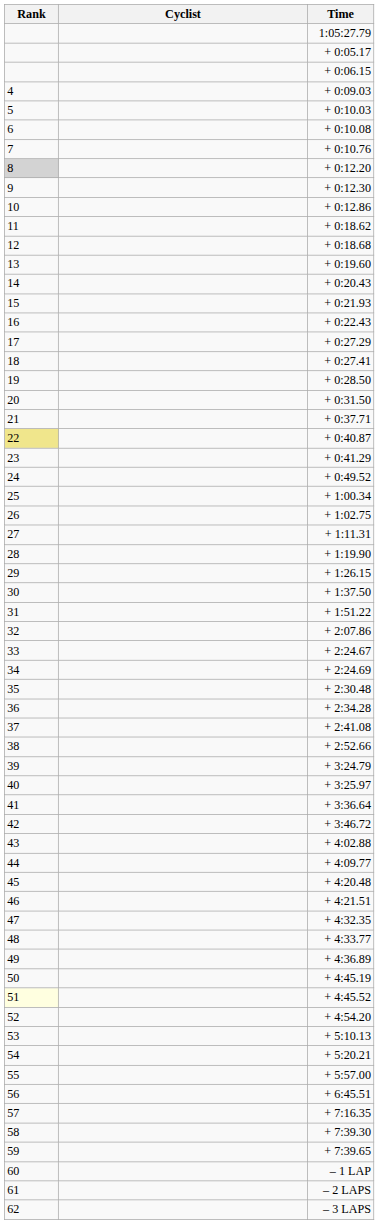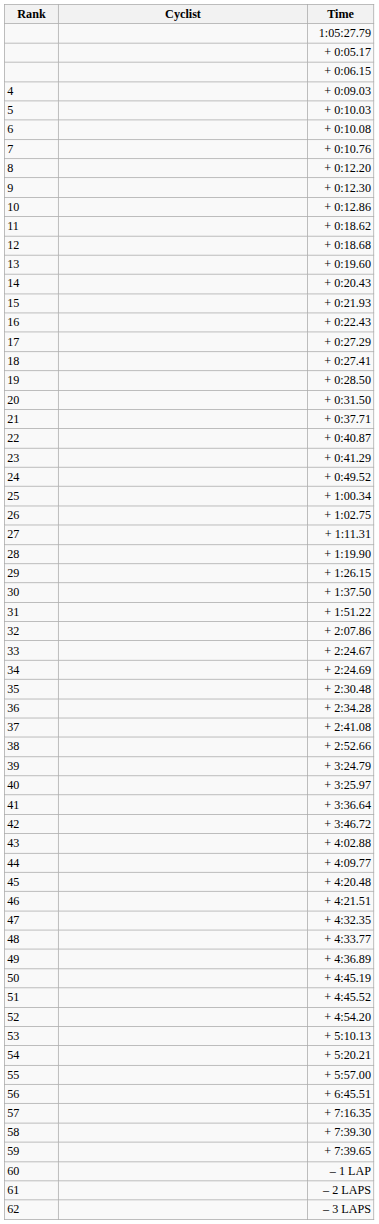 <table class="wikitable">
 <tr>
 <th style="width: 4em;">Rank</th>
 <th style="width: 20em;">Cyclist</th>
 <th style="width: 5em;">Time</th>
 </tr>
 <tr>
 <td></td>
 <td></td>
 <td align="right">1:05:27.79</td>
 </tr>
 <tr>
 <td></td>
 <td></td>
 <td align="right">+ 0:05.17</td>
 </tr>
 <tr>
 <td></td>
 <td></td>
 <td align="right">+ 0:06.15</td>
 </tr>
 <tr>
 <td>4</td>
 <td></td>
 <td align="right">+ 0:09.03</td>
 </tr>
 <tr>
 <td>5</td>
 <td></td>
 <td align="right">+ 0:10.03</td>
 </tr>
 <tr>
 <td>6</td>
 <td></td>
 <td align="right">+ 0:10.08</td>
 </tr>
 <tr>
 <td>7</td>
 <td></td>
 <td align="right">+ 0:10.76</td>
 </tr>
 <tr>
-<td style="background: lightgrey;">8</td>
+<td>8</td>
 <td></td>
 <td align="right">+ 0:12.20</td>
 </tr>
 <tr>
 <td>9</td>
 <td></td>
 <td align="right">+ 0:12.30</td>
 </tr>
 <tr>
 <td>10</td>
 <td></td>
 <td align="right">+ 0:12.86</td>
 </tr>
 <tr>
 <td>11</td>
 <td></td>
 <td align="right">+ 0:18.62</td>
 </tr>
 <tr>
 <td>12</td>
 <td></td>
 <td align="right">+ 0:18.68</td>
 </tr>
 <tr>
 <td>13</td>
 <td></td>
 <td align="right">+ 0:19.60</td>
 </tr>
 <tr>
 <td>14</td>
 <td></td>
 <td align="right">+ 0:20.43</td>
 </tr>
 <tr>
 <td>15</td>
 <td></td>
 <td align="right">+ 0:21.93</td>
 </tr>
 <tr>
 <td>16</td>
 <td></td>
 <td align="right">+ 0:22.43</td>
 </tr>
 <tr>
 <td>17</td>
 <td></td>
 <td align="right">+ 0:27.29</td>
 </tr>
 <tr>
 <td>18</td>
 <td></td>
 <td align="right">+ 0:27.41</td>
 </tr>
 <tr>
 <td>19</td>
 <td></td>
 <td align="right">+ 0:28.50</td>
 </tr>
 <tr>
 <td>20</td>
 <td></td>
 <td align="right">+ 0:31.50</td>
 </tr>
 <tr>
 <td>21</td>
 <td></td>
 <td align="right">+ 0:37.71</td>
 </tr>
 <tr>
-<td style="background: khaki;">22</td>
+<td>22</td>
 <td></td>
 <td align="right">+ 0:40.87</td>
 </tr>
 <tr>
 <td>23</td>
 <td></td>
 <td align="right">+ 0:41.29</td>
 </tr>
 <tr>
 <td>24</td>
 <td></td>
 <td align="right">+ 0:49.52</td>
 </tr>
 <tr>
 <td>25</td>
 <td></td>
 <td align="right">+ 1:00.34</td>
 </tr>
 <tr>
 <td>26</td>
 <td></td>
 <td align="right">+ 1:02.75</td>
 </tr>
 <tr>
 <td>27</td>
 <td></td>
 <td align="right">+ 1:11.31</td>
 </tr>
 <tr>
 <td>28</td>
 <td></td>
 <td align="right">+ 1:19.90</td>
 </tr>
 <tr>
 <td>29</td>
 <td></td>
 <td align="right">+ 1:26.15</td>
 </tr>
 <tr>
 <td>30</td>
 <td></td>
 <td align="right">+ 1:37.50</td>
 </tr>
 <tr>
 <td>31</td>
 <td></td>
 <td align="right">+ 1:51.22</td>
 </tr>
 <tr>
 <td>32</td>
 <td></td>
 <td align="right">+ 2:07.86</td>
 </tr>
 <tr>
 <td>33</td>
 <td></td>
 <td align="right">+ 2:24.67</td>
 </tr>
 <tr>
 <td>34</td>
 <td></td>
 <td align="right">+ 2:24.69</td>
 </tr>
 <tr>
 <td>35</td>
 <td></td>
 <td align="right">+ 2:30.48</td>
 </tr>
 <tr>
 <td>36</td>
 <td></td>
 <td align="right">+ 2:34.28</td>
 </tr>
 <tr>
 <td>37</td>
 <td></td>
 <td align="right">+ 2:41.08</td>
 </tr>
 <tr>
 <td>38</td>
 <td></td>
 <td align="right">+ 2:52.66</td>
 </tr>
 <tr>
 <td>39</td>
 <td></td>
 <td align="right">+ 3:24.79</td>
 </tr>
 <tr>
 <td>40</td>
 <td></td>
 <td align="right">+ 3:25.97</td>
 </tr>
 <tr>
 <td>41</td>
 <td></td>
 <td align="right">+ 3:36.64</td>
 </tr>
 <tr>
 <td>42</td>
 <td></td>
 <td align="right">+ 3:46.72</td>
 </tr>
 <tr>
 <td>43</td>
 <td></td>
 <td align="right">+ 4:02.88</td>
 </tr>
 <tr>
 <td>44</td>
 <td></td>
 <td align="right">+ 4:09.77</td>
 </tr>
 <tr>
 <td>45</td>
 <td></td>
 <td align="right">+ 4:20.48</td>
 </tr>
 <tr>
 <td>46</td>
 <td></td>
 <td align="right">+ 4:21.51</td>
 </tr>
 <tr>
 <td>47</td>
 <td></td>
 <td align="right">+ 4:32.35</td>
 </tr>
 <tr>
 <td>48</td>
 <td></td>
 <td align="right">+ 4:33.77</td>
 </tr>
 <tr>
 <td>49</td>
 <td></td>
 <td align="right">+ 4:36.89</td>
 </tr>
 <tr>
 <td>50</td>
 <td></td>
 <td align="right">+ 4:45.19</td>
 </tr>
 <tr>
-<td style="background: lightyellow;">51</td>
+<td>51</td>
 <td></td>
 <td align="right">+ 4:45.52</td>
 </tr>
 <tr>
 <td>52</td>
 <td></td>
 <td align="right">+ 4:54.20</td>
 </tr>
 <tr>
 <td>53</td>
 <td></td>
 <td align="right">+ 5:10.13</td>
 </tr>
 <tr>
 <td>54</td>
 <td></td>
 <td align="right">+ 5:20.21</td>
 </tr>
 <tr>
 <td>55</td>
 <td></td>
 <td align="right">+ 5:57.00</td>
 </tr>
 <tr>
 <td>56</td>
 <td></td>
 <td align="right">+ 6:45.51</td>
 </tr>
 <tr>
 <td>57</td>
 <td></td>
 <td align="right">+ 7:16.35</td>
 </tr>
 <tr>
 <td>58</td>
 <td></td>
 <td align="right">+ 7:39.30</td>
 </tr>
 <tr>
 <td>59</td>
 <td></td>
 <td align="right">+ 7:39.65</td>
 </tr>
 <tr>
 <td>60</td>
 <td></td>
 <td align="right">– 1 LAP</td>
 </tr>
 <tr>
 <td>61</td>
 <td></td>
 <td align="right">– 2 LAPS</td>
 </tr>
 <tr>
 <td>62</td>
 <td></td>
 <td align="right">– 3 LAPS</td>
 </tr>
 </table>
